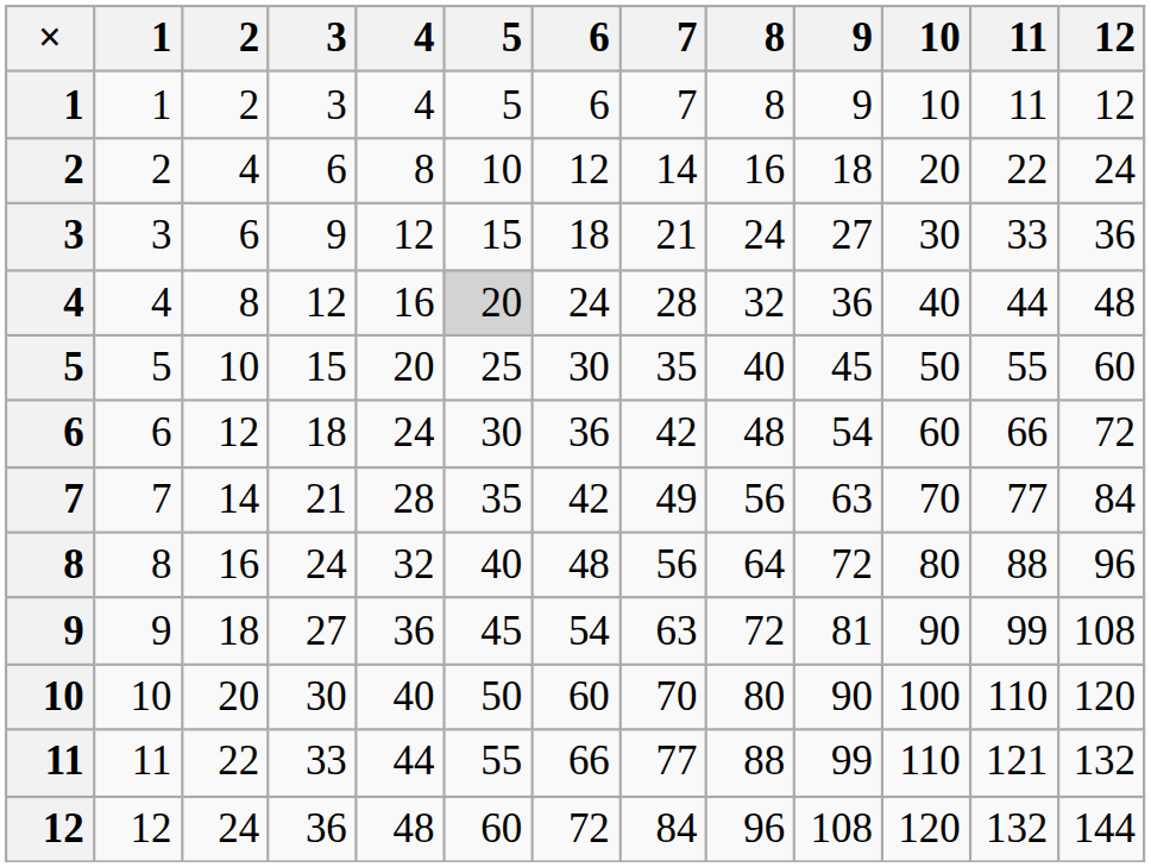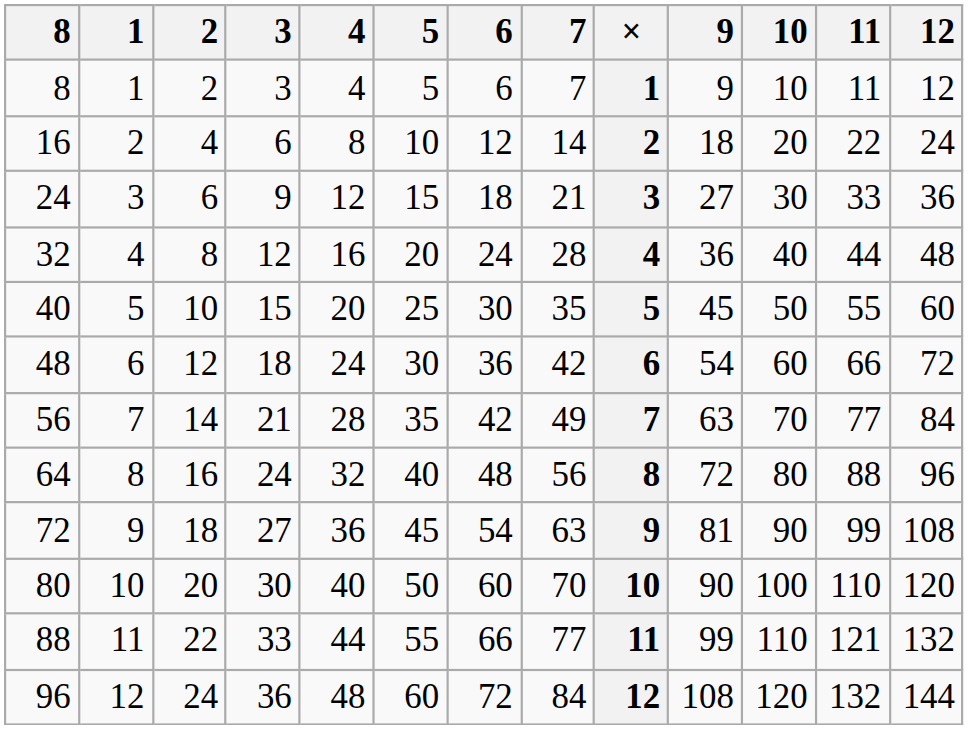 <table class="wikitable" style="text-align: right;">
 <tr>
-<th style="width:7.14%">×</th>
+<th style="text-align: right; width:7.14%">8</th>
 <th style="text-align: right; width:7.14%">1</th>
 <th style="text-align: right; width:7.14%">2</th>
 <th style="text-align: right; width:7.14%">3</th>
 <th style="text-align: right; width:7.14%">4</th>
 <th style="text-align: right; width:7.14%">5</th>
 <th style="text-align: right; width:7.14%">6</th>
 <th style="text-align: right; width:7.14%">7</th>
-<th style="text-align: right; width:7.14%">8</th>
+<th style="width:7.14%">×</th>
 <th style="text-align: right; width:7.14%">9</th>
 <th style="text-align: right; width:7.14%">10</th>
 <th style="text-align: right; width:7.14%">11</th>
 <th style="text-align: right; width:7.14%">12</th>
 </tr>
 <tr>
-<th style="text-align: right;">1</th>
+<td>8</td>
 <td>1</td>
 <td>2</td>
 <td>3</td>
 <td>4</td>
 <td>5</td>
 <td>6</td>
 <td>7</td>
-<td>8</td>
+<th style="text-align: right;">1</th>
 <td>9</td>
 <td>10</td>
 <td>11</td>
 <td>12</td>
 </tr>
 <tr>
-<th style="text-align: right;">2</th>
+<td>16</td>
 <td>2</td>
 <td>4</td>
 <td>6</td>
 <td>8</td>
 <td>10</td>
 <td>12</td>
 <td>14</td>
-<td>16</td>
+<th style="text-align: right;">2</th>
 <td>18</td>
 <td>20</td>
 <td>22</td>
 <td>24</td>
 </tr>
 <tr>
-<th style="text-align: right;">3</th>
+<td>24</td>
 <td>3</td>
 <td>6</td>
 <td>9</td>
 <td>12</td>
 <td>15</td>
 <td>18</td>
 <td>21</td>
-<td>24</td>
+<th style="text-align: right;">3</th>
 <td>27</td>
 <td>30</td>
 <td>33</td>
 <td>36</td>
 </tr>
 <tr>
-<th style="text-align: right;">4</th>
+<td>32</td>
 <td>4</td>
 <td>8</td>
 <td>12</td>
 <td>16</td>
-<td style="background: lightgrey;">20</td>
+<td>20</td>
 <td>24</td>
 <td>28</td>
-<td>32</td>
+<th style="text-align: right;">4</th>
 <td>36</td>
 <td>40</td>
 <td>44</td>
 <td>48</td>
 </tr>
 <tr>
-<th style="text-align: right;">5</th>
+<td>40</td>
 <td>5</td>
 <td>10</td>
 <td>15</td>
 <td>20</td>
 <td>25</td>
 <td>30</td>
 <td>35</td>
-<td>40</td>
+<th style="text-align: right;">5</th>
 <td>45</td>
 <td>50</td>
 <td>55</td>
 <td>60</td>
 </tr>
 <tr>
-<th style="text-align: right;">6</th>
+<td>48</td>
 <td>6</td>
 <td>12</td>
 <td>18</td>
 <td>24</td>
 <td>30</td>
 <td>36</td>
 <td>42</td>
-<td>48</td>
+<th style="text-align: right;">6</th>
 <td>54</td>
 <td>60</td>
 <td>66</td>
 <td>72</td>
 </tr>
 <tr>
-<th style="text-align: right;">7</th>
+<td>56</td>
 <td>7</td>
 <td>14</td>
 <td>21</td>
 <td>28</td>
 <td>35</td>
 <td>42</td>
 <td>49</td>
-<td>56</td>
+<th style="text-align: right;">7</th>
 <td>63</td>
 <td>70</td>
 <td>77</td>
 <td>84</td>
 </tr>
 <tr>
-<th style="text-align: right;">8</th>
+<td>64</td>
 <td>8</td>
 <td>16</td>
 <td>24</td>
 <td>32</td>
 <td>40</td>
 <td>48</td>
 <td>56</td>
-<td>64</td>
+<th style="text-align: right;">8</th>
 <td>72</td>
 <td>80</td>
 <td>88</td>
 <td>96</td>
 </tr>
 <tr>
-<th style="text-align: right;">9</th>
+<td>72</td>
 <td>9</td>
 <td>18</td>
 <td>27</td>
 <td>36</td>
 <td>45</td>
 <td>54</td>
 <td>63</td>
-<td>72</td>
+<th style="text-align: right;">9</th>
 <td>81</td>
 <td>90</td>
 <td>99</td>
 <td>108</td>
 </tr>
 <tr>
-<th style="text-align: right;">10</th>
+<td>80</td>
 <td>10</td>
 <td>20</td>
 <td>30</td>
 <td>40</td>
 <td>50</td>
 <td>60</td>
 <td>70</td>
-<td>80</td>
+<th style="text-align: right;">10</th>
 <td>90</td>
 <td>100</td>
 <td>110</td>
 <td>120</td>
 </tr>
 <tr>
-<th style="text-align: right;">11</th>
+<td>88</td>
 <td>11</td>
 <td>22</td>
 <td>33</td>
 <td>44</td>
 <td>55</td>
 <td>66</td>
 <td>77</td>
-<td>88</td>
+<th style="text-align: right;">11</th>
 <td>99</td>
 <td>110</td>
 <td>121</td>
 <td>132</td>
 </tr>
 <tr>
-<th style="text-align: right;">12</th>
+<td>96</td>
 <td>12</td>
 <td>24</td>
 <td>36</td>
 <td>48</td>
 <td>60</td>
 <td>72</td>
 <td>84</td>
-<td>96</td>
+<th style="text-align: right;">12</th>
 <td>108</td>
 <td>120</td>
 <td>132</td>
 <td>144</td>
 </tr>
 </table>
